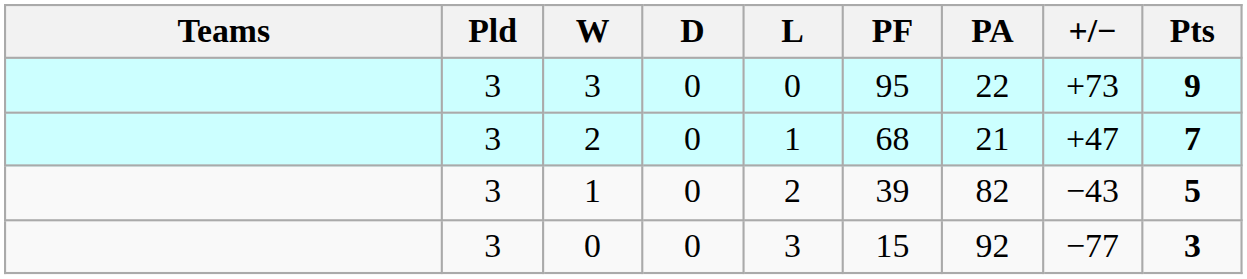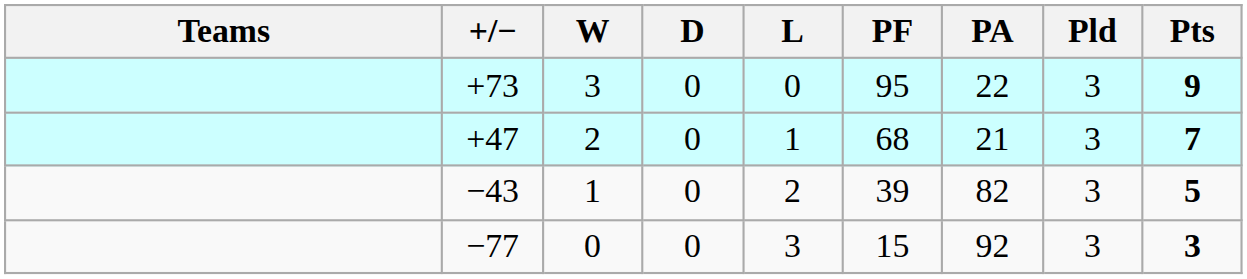 <table class="wikitable" style="text-align: center;">
 <tr>
 <th width="200">Teams</th>
-<th width="40">Pld</th>
+<th width="40">+/−</th>
 <th width="40">W</th>
 <th width="40">D</th>
 <th width="40">L</th>
 <th width="40">PF</th>
 <th width="40">PA</th>
-<th width="40">+/−</th>
+<th width="40">Pld</th>
 <th width="40">Pts</th>
 </tr>
 <tr bgcolor=ccffff>
 <td align=left></td>
-<td>3</td>
+<td>+73</td>
 <td>3</td>
 <td>0</td>
 <td>0</td>
 <td>95</td>
 <td>22</td>
-<td>+73</td>
+<td>3</td>
 <td><strong>9</strong></td>
 </tr>
 <tr bgcolor=ccffff>
 <td align=left></td>
-<td>3</td>
+<td>+47</td>
 <td>2</td>
 <td>0</td>
 <td>1</td>
 <td>68</td>
 <td>21</td>
-<td>+47</td>
+<td>3</td>
 <td><strong>7</strong></td>
 </tr>
 <tr>
 <td align=left></td>
-<td>3</td>
+<td>−43</td>
 <td>1</td>
 <td>0</td>
 <td>2</td>
 <td>39</td>
 <td>82</td>
-<td>−43</td>
+<td>3</td>
 <td><strong>5</strong></td>
 </tr>
 <tr>
 <td align=left></td>
-<td>3</td>
+<td>−77</td>
 <td>0</td>
 <td>0</td>
 <td>3</td>
 <td>15</td>
 <td>92</td>
-<td>−77</td>
+<td>3</td>
 <td><strong>3</strong></td>
 </tr>
 </table>
